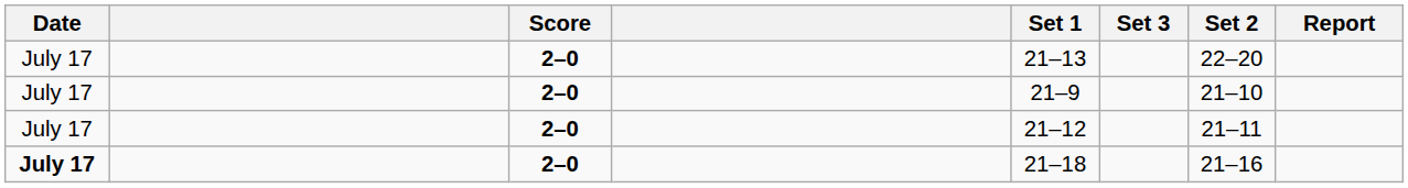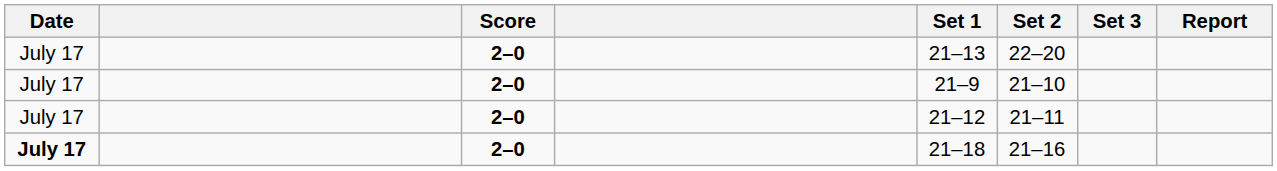 <table class="wikitable" style="text-align: center; font-size:90% ">
 <tr>
 <th width="60">Date</th>
 <th align="right" width="250"></th>
 <th width="60">Score</th>
 <th align="left" width="250"></th>
 <th width="50">Set 1</th>
+<th width="50">Set 2</th>
 <th width="50">Set 3</th>
-<th width="50">Set 2</th>
 <th width="75">Report</th>
 </tr>
 <tr>
 <td>July 17</td>
 <td align=left><strong></strong></td>
 <td align=center><strong>2–0</strong></td>
 <td align=left></td>
 <td>21–13</td>
+<td>22–20</td>
 <td></td>
-<td>22–20</td>
 <td></td>
 </tr>
 <tr>
 <td>July 17</td>
 <td align=left><strong></strong></td>
 <td align=center><strong>2–0</strong></td>
 <td align=left></td>
 <td>21–9</td>
+<td>21–10</td>
 <td></td>
-<td>21–10</td>
 <td></td>
 </tr>
 <tr>
 <td>July 17</td>
 <td align=left><strong></strong></td>
 <td align=center><strong>2–0</strong></td>
 <td align=left></td>
 <td>21–12</td>
+<td>21–11</td>
 <td></td>
-<td>21–11</td>
 <td></td>
 </tr>
 <tr>
 <td><strong>July 17</strong></td>
 <td align=left><strong></strong></td>
 <td align=center><strong>2–0</strong></td>
 <td align=left></td>
 <td>21–18</td>
+<td>21–16</td>
 <td></td>
-<td>21–16</td>
 <td></td>
 </tr>
 </table>
